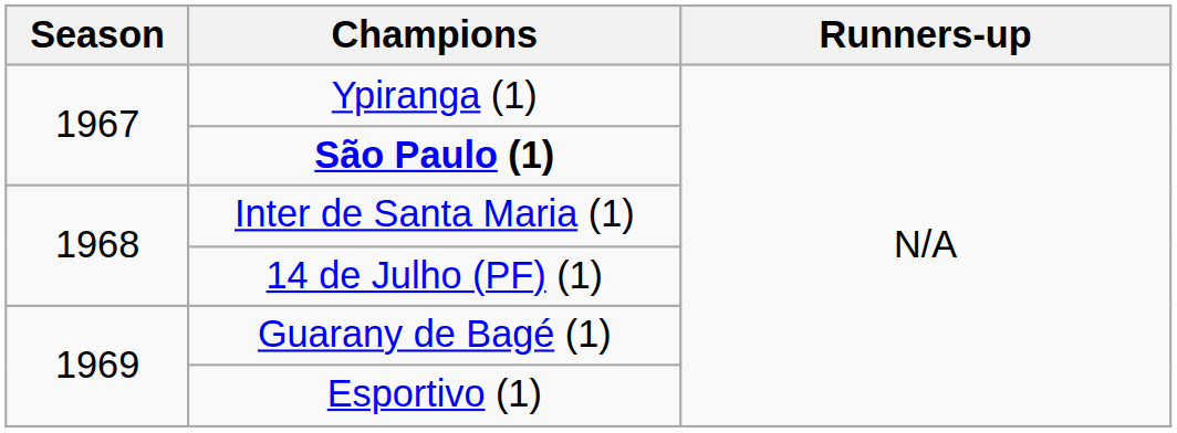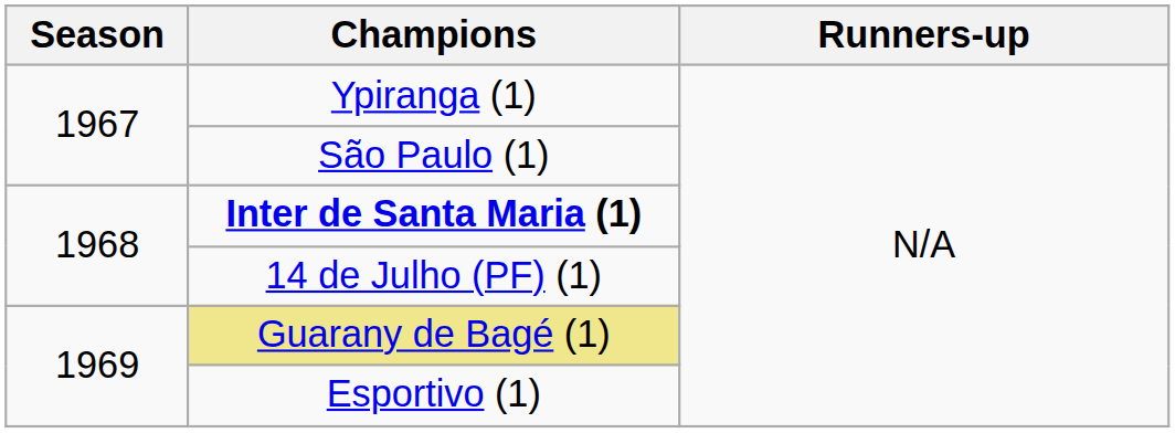 <table class="wikitable" style="text-align:center; margin-left:1em;">
 <tr>
 <th style="width:70px">Season</th>
 <th style="width:200px">Champions</th>
 <th style="width:200px">Runners-up</th>
 </tr>
 <tr>
 <td rowspan=2>1967</td>
 <td><a href='#'>Ypiranga</a> (1)</td>
 <td rowspan=6>N/A</td>
 </tr>
 <tr>
-<td><strong><a href='#'>São Paulo</a> (1)</strong></td>
+<td><a href='#'>São Paulo</a> (1)</td>
 </tr>
 <tr>
 <td rowspan=2>1968</td>
-<td><a href='#'>Inter de Santa Maria</a> (1)</td>
+<td><strong><a href='#'>Inter de Santa Maria</a> (1)</strong></td>
 </tr>
 <tr>
 <td><a href='#'>14 de Julho (PF)</a> (1)</td>
 </tr>
 <tr>
 <td rowspan=2>1969</td>
-<td><a href='#'>Guarany de Bagé</a> (1)</td>
+<td style="background: khaki;"><a href='#'>Guarany de Bagé</a> (1)</td>
 </tr>
 <tr>
 <td><a href='#'>Esportivo</a> (1)</td>
 </tr>
 </table>
